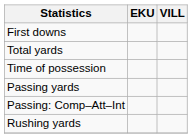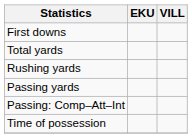 <table class="wikitable" style="float: left;">
 <tr>
 <th>Statistics</th>
 <th>EKU</th>
 <th>VILL</th>
 </tr>
 <tr>
 <td>First downs</td>
 <td></td>
 <td></td>
 </tr>
 <tr>
 <td>Total yards</td>
 <td></td>
 <td></td>
 </tr>
 <tr>
-<td>Time of possession</td>
+<td>Rushing yards</td>
 <td></td>
 <td></td>
 </tr>
 <tr>
 <td>Passing yards</td>
 <td></td>
 <td></td>
 </tr>
 <tr>
 <td>Passing: Comp–Att–Int</td>
 <td></td>
 <td></td>
 </tr>
 <tr>
-<td>Rushing yards</td>
+<td>Time of possession</td>
 <td></td>
 <td></td>
 </tr>
 <tr>
 </tr>
 </table>
